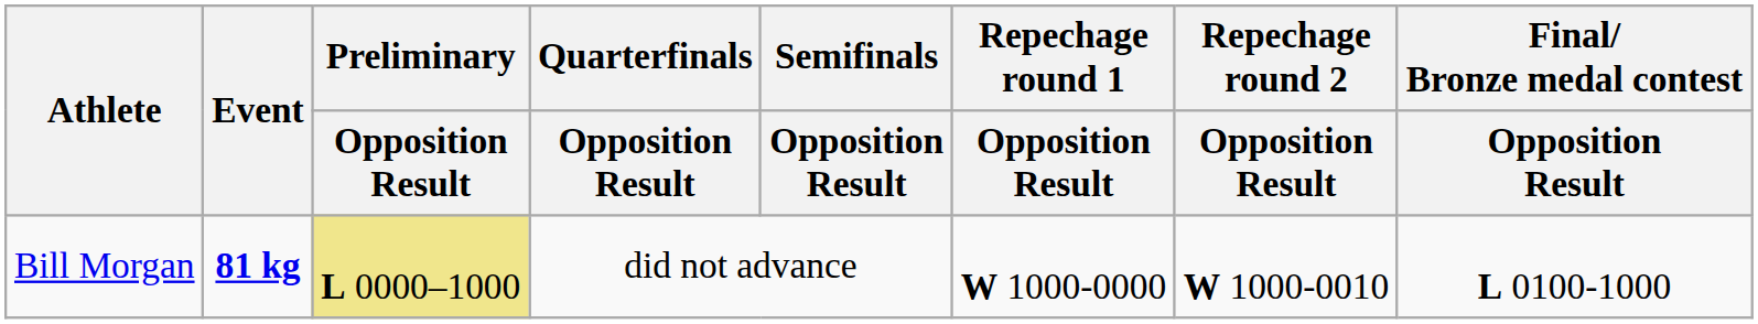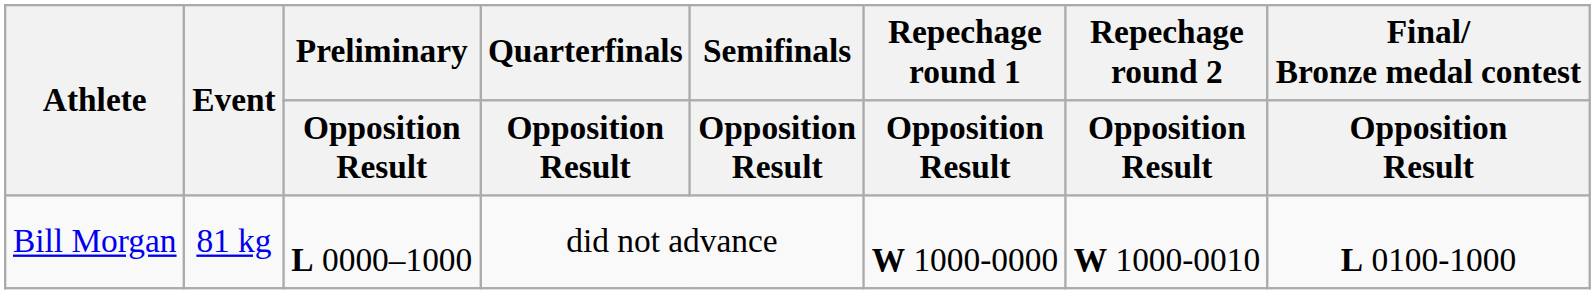 <table class=wikitable style="font-size:90%">
 <tr>
 <th rowspan="2">Athlete</th>
 <th rowspan="2">Event</th>
 <th>Preliminary</th>
 <th>Quarterfinals</th>
 <th>Semifinals</th>
 <th>Repechage <br>round 1</th>
 <th>Repechage <br>round 2</th>
 <th>Final/<br>Bronze medal contest</th>
 </tr>
 <tr>
 <th>Opposition<br>Result</th>
 <th>Opposition<br>Result</th>
 <th>Opposition<br>Result</th>
 <th>Opposition<br>Result</th>
 <th>Opposition<br>Result</th>
 <th>Opposition<br>Result</th>
 </tr>
 <tr>
 <td><a href='#'>Bill Morgan</a></td>
-<td style="text-align:center;"><strong><a href='#'>81 kg</a></strong></td>
-<td style="background: khaki; text-align:center;"><br> <strong>L</strong> 0000–1000</td>
+<td style="text-align:center;"><a href='#'>81 kg</a></td>
+<td style="text-align:center;"><br> <strong>L</strong> 0000–1000</td>
 <td style="text-align:center;" colspan="2">did not advance</td>
 <td style="text-align:center;"><br> <strong>W</strong> 1000-0000</td>
 <td style="text-align:center;"><br> <strong>W</strong> 1000-0010</td>
 <td style="text-align:center;"><br> <strong>L</strong> 0100-1000</td>
 </tr>
 </table>
